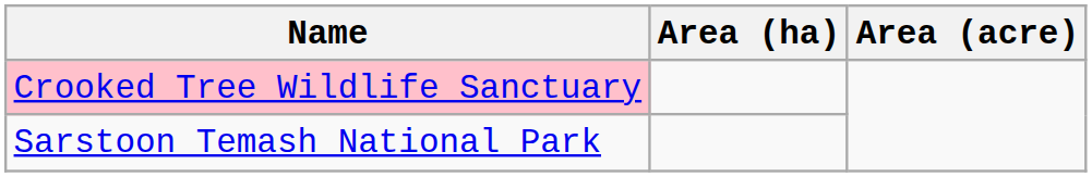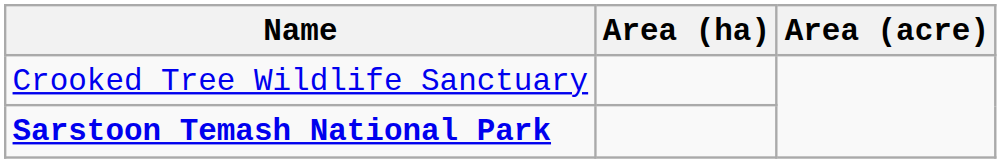 <table class="wikitable sortable">
 <tr>
 <th scope="col" align=left>Name</th>
 <th scope="col">Area (ha)</th>
 <th scope="col">Area (acre)</th>
 </tr>
 <tr ---->
-<td style="background: pink;"><a href='#'>Crooked Tree Wildlife Sanctuary</a></td>
+<td><a href='#'>Crooked Tree Wildlife Sanctuary</a></td>
 <td></td>
 </tr>
 <tr ---->
-<td><a href='#'>Sarstoon Temash National Park</a></td>
+<td><strong><a href='#'>Sarstoon Temash National Park</a></strong></td>
 <td></td>
 </tr>
 </table>
